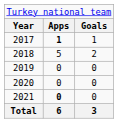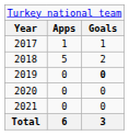 <table class="wikitable" style="text-align:center">
 <tr>
 <td colspan="3"><a href='#'>Turkey national team</a></td>
 </tr>
 <tr>
 <th>Year</th>
 <th>Apps</th>
 <th>Goals</th>
 </tr>
 <tr>
 <td>2017</td>
-<td><strong>1</strong></td>
+<td>1</td>
 <td>1</td>
 </tr>
 <tr>
 <td>2018</td>
 <td>5</td>
 <td>2</td>
 </tr>
 <tr>
 <td>2019</td>
 <td>0</td>
-<td>0</td>
+<td><strong>0</strong></td>
 </tr>
 <tr>
 <td>2020</td>
 <td>0</td>
 <td>0</td>
 </tr>
 <tr>
 <td>2021</td>
-<td><strong>0</strong></td>
+<td>0</td>
 <td>0</td>
 </tr>
 <tr>
 <th>Total</th>
 <th>6</th>
 <th>3</th>
 </tr>
 </table>
